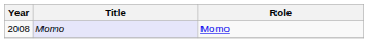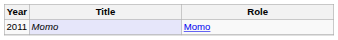 <table class="wikitable" style="width:550px">
 <tr>
 <th width=10>Year</th>
 <th>Title</th>
 <th>Role</th>
 </tr>
 <tr>
-<td>2008</td>
+<td>2011</td>
 <td style="background: lavender;"><em>Momo</em></td>
 <td><a href='#'>Momo</a></td>
 </tr>
 <tr>
 </tr>
 </table>
